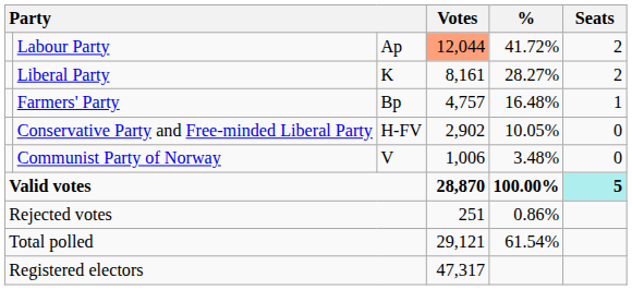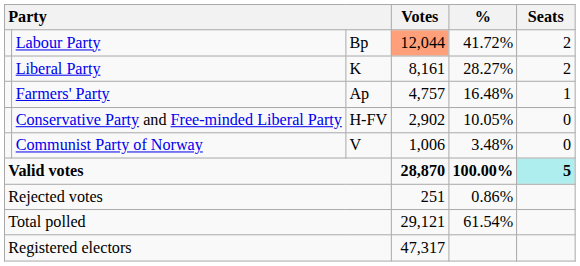 <table class="wikitable" border="1" style="text-align:right;">
 <tr>
 <th style="text-align:left;" colspan=3>Party</th>
 <th align=center width="50">Votes</th>
 <th align=center width="50">%</th>
 <th align=center width="50">Seats</th>
 </tr>
 <tr>
 <td style="color:inherit;background:"></td>
 <td align=left><a href='#'>Labour Party</a></td>
-<td align=left>Ap</td>
+<td align=left>Bp</td>
 <td style="background: lightsalmon;">12,044</td>
 <td>41.72%</td>
 <td>2</td>
 </tr>
 <tr>
 <td style="color:inherit;background:"></td>
 <td align=left><a href='#'>Liberal Party</a></td>
 <td align=left>K</td>
 <td>8,161</td>
 <td>28.27%</td>
 <td>2</td>
 </tr>
 <tr>
 <td style="color:inherit;background:"></td>
 <td align=left><a href='#'>Farmers' Party</a></td>
-<td align=left>Bp</td>
+<td align=left>Ap</td>
 <td>4,757</td>
 <td>16.48%</td>
 <td>1</td>
 </tr>
 <tr>
 <td></td>
 <td align=left><a href='#'>Conservative Party</a> and <a href='#'>Free-minded Liberal Party</a></td>
 <td align=left>H-FV</td>
 <td>2,902</td>
 <td>10.05%</td>
 <td>0</td>
 </tr>
 <tr>
 <td style="color:inherit;background:"></td>
 <td align=left><a href='#'>Communist Party of Norway</a></td>
 <td align=left>V</td>
 <td>1,006</td>
 <td>3.48%</td>
 <td>0</td>
 </tr>
 <tr style="font-weight:bold">
 <td align=left colspan=3>Valid votes</td>
 <td>28,870</td>
 <td>100.00%</td>
 <td style="background: paleturquoise;">5</td>
 </tr>
 <tr>
 <td align=left colspan=3>Rejected votes</td>
 <td>251</td>
 <td>0.86%</td>
 <td></td>
 </tr>
 <tr>
 <td align=left colspan=3>Total polled</td>
 <td>29,121</td>
 <td>61.54%</td>
 <td></td>
 </tr>
 <tr>
 <td align=left colspan=3>Registered electors</td>
 <td>47,317</td>
 <td></td>
 <td></td>
 </tr>
 </table>
